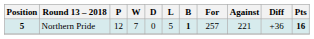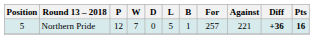 <table class="wikitable" style="text-align:center; font-size:85%;">
 <tr style="background: #d7ebed;">
 <th width="40" abbr="Position">Position</th>
 <th width="100">Round 13 – 2018</th>
 <th width="20" abbr="Played">P</th>
 <th width="20" abbr="Won">W</th>
 <th width="20" abbr="Drawn">D</th>
 <th width="20" abbr="Lost">L</th>
 <th width="20" abbr="Bye">B</th>
 <th width="40" abbr="Points for">For</th>
 <th width="40" abbr="Points against">Against</th>
 <th width="40" abbr="Points difference">Diff</th>
 <th width=20 abbr="Points">Pts</th>
 </tr>
 <tr style="background: #d7ebed;">
-<td><strong>5</strong></td>
+<td>5</td>
 <td style="text-align:left;"> Northern Pride</td>
 <td>12</td>
 <td>7</td>
 <td>0</td>
 <td>5</td>
-<td><strong>1</strong></td>
+<td>1</td>
 <td>257</td>
 <td>221</td>
-<td>+36</td>
+<td><strong>+36</strong></td>
 <td><strong>16</strong></td>
 </tr>
 <tr>
 </tr>
 </table>
